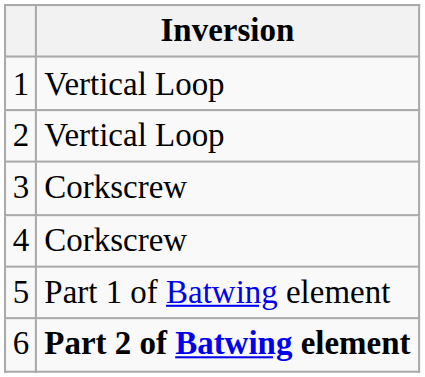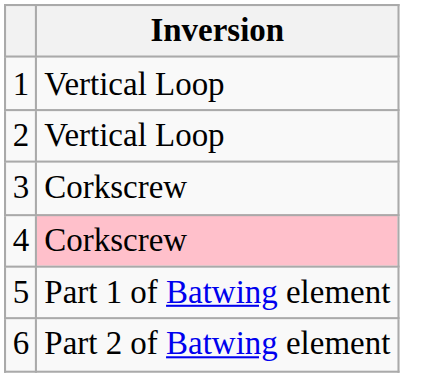 <table class="wikitable">
 <tr>
 <th></th>
 <th>Inversion</th>
 </tr>
 <tr>
 <td>1</td>
 <td>Vertical Loop</td>
 </tr>
 <tr>
 <td>2</td>
 <td>Vertical Loop</td>
 </tr>
 <tr>
 <td>3</td>
 <td>Corkscrew</td>
 </tr>
 <tr>
 <td>4</td>
-<td>Corkscrew</td>
+<td style="background: pink;">Corkscrew</td>
 </tr>
 <tr>
 <td>5</td>
 <td>Part 1 of <a href='#'>Batwing</a> element</td>
 </tr>
 <tr>
 <td>6</td>
-<td><strong>Part 2 of <a href='#'>Batwing</a> element</strong></td>
+<td>Part 2 of <a href='#'>Batwing</a> element</td>
 </tr>
 </table>
